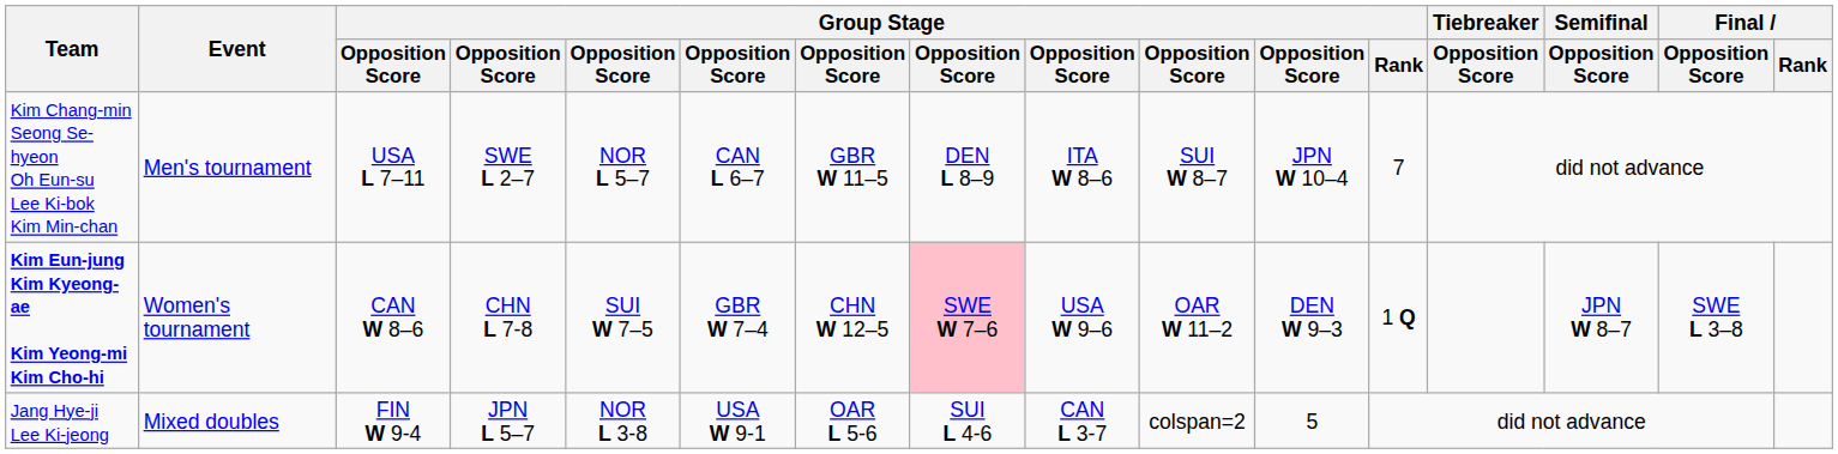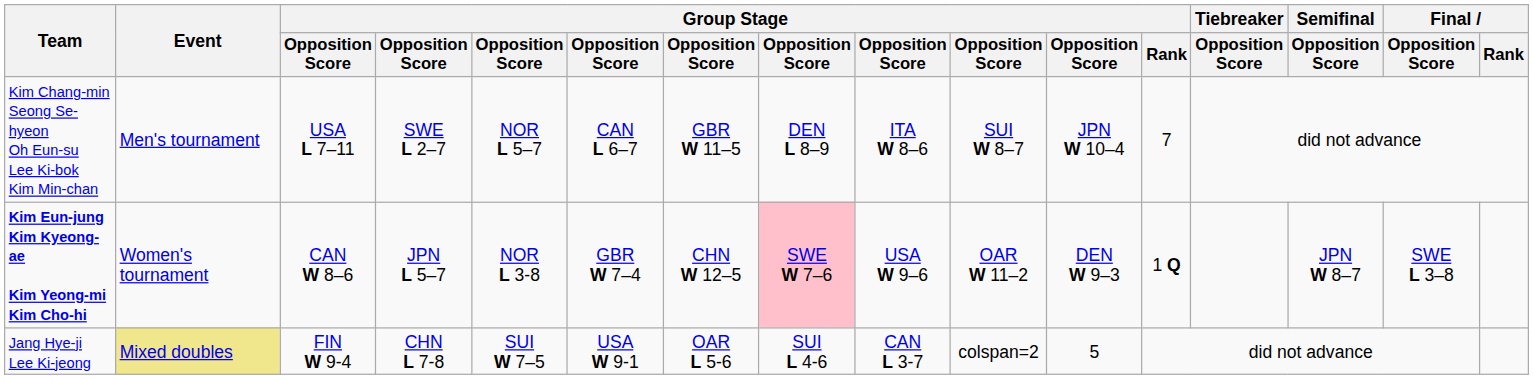 <table class="wikitable" style="font-size:90%">
 <tr>
 <th rowspan=2>Team</th>
 <th rowspan=2>Event</th>
 <th colspan=10>Group Stage</th>
 <th>Tiebreaker</th>
 <th>Semifinal</th>
 <th colspan=2>Final / </th>
 </tr>
 <tr style="font-size:95%">
 <th>Opposition<br>Score</th>
 <th>Opposition<br>Score</th>
 <th>Opposition<br>Score</th>
 <th>Opposition<br>Score</th>
 <th>Opposition<br>Score</th>
 <th>Opposition<br>Score</th>
 <th>Opposition<br>Score</th>
 <th>Opposition<br>Score</th>
 <th>Opposition<br>Score</th>
 <th>Rank</th>
 <th>Opposition<br>Score</th>
 <th>Opposition<br>Score</th>
 <th>Opposition<br>Score</th>
 <th>Rank</th>
 </tr>
 <tr align=center>
 <td align=left><small><a href='#'>Kim Chang-min</a><br><a href='#'>Seong Se-hyeon</a><br><a href='#'>Oh Eun-su</a><br><a href='#'>Lee Ki-bok</a><br><a href='#'>Kim Min-chan</a></small></td>
 <td align=left><a href='#'>Men's tournament</a></td>
 <td> <a href='#'>USA</a><br><strong>L</strong> 7–11</td>
 <td> <a href='#'>SWE</a><br><strong>L</strong> 2–7</td>
 <td> <a href='#'>NOR</a><br><strong>L</strong> 5–7</td>
 <td> <a href='#'>CAN</a><br> <strong>L</strong> 6–7</td>
 <td> <a href='#'>GBR</a><br> <strong>W</strong> 11–5</td>
 <td> <a href='#'>DEN</a><br> <strong>L</strong> 8–9</td>
 <td> <a href='#'>ITA</a><br><strong>W</strong> 8–6</td>
 <td> <a href='#'>SUI</a><br> <strong>W</strong> 8–7</td>
 <td> <a href='#'>JPN</a><br> <strong>W</strong> 10–4</td>
 <td>7</td>
 <td colspan=4>did not advance</td>
 </tr>
 <tr align=center>
 <td align=left><small><strong><a href='#'>Kim Eun-jung</a><br><a href='#'>Kim Kyeong-ae</a><br><br><a href='#'>Kim Yeong-mi</a><br><a href='#'>Kim Cho-hi</a></strong></small></td>
 <td align=left><a href='#'>Women's tournament</a></td>
 <td> <a href='#'>CAN</a><br><strong>W</strong> 8–6</td>
-<td> <a href='#'>CHN</a><br> <strong>L</strong> 7-8</td>
-<td> <a href='#'>SUI</a><br> <strong>W</strong> 7–5</td>
+<td> <a href='#'>JPN</a><br> <strong>L</strong> 5–7</td>
+<td> <a href='#'>NOR</a><br> <strong>L</strong> 3-8</td>
 <td> <a href='#'>GBR</a><br> <strong>W</strong> 7–4</td>
 <td> <a href='#'>CHN</a><br> <strong>W</strong> 12–5</td>
 <td style="background: pink;"> <a href='#'>SWE</a><br> <strong>W</strong> 7–6</td>
 <td> <a href='#'>USA</a><br> <strong>W</strong> 9–6</td>
 <td> <a href='#'>OAR</a><br> <strong>W</strong> 11–2</td>
 <td> <a href='#'>DEN</a><br> <strong>W</strong> 9–3</td>
 <td>1 <strong>Q</strong></td>
 <td></td>
 <td> <a href='#'>JPN</a><br><strong>W</strong> 8–7</td>
 <td> <a href='#'>SWE</a><br> <strong>L</strong> 3–8</td>
 <td></td>
 </tr>
 <tr align=center>
 <td align=left><small><a href='#'>Jang Hye-ji</a><br><a href='#'>Lee Ki-jeong</a></small></td>
-<td align=left><a href='#'>Mixed doubles</a></td>
+<td align=left style="background: khaki;"><a href='#'>Mixed doubles</a></td>
 <td> <a href='#'>FIN</a><br> <strong>W</strong> 9-4</td>
-<td> <a href='#'>JPN</a><br> <strong>L</strong> 5–7</td>
-<td> <a href='#'>NOR</a><br> <strong>L</strong> 3-8</td>
+<td> <a href='#'>CHN</a><br> <strong>L</strong> 7-8</td>
+<td> <a href='#'>SUI</a><br> <strong>W</strong> 7–5</td>
 <td> <a href='#'>USA</a><br> <strong>W</strong> 9-1</td>
 <td> <a href='#'>OAR</a><br> <strong>L</strong> 5-6</td>
 <td> <a href='#'>SUI</a><br> <strong>L</strong> 4-6</td>
 <td> <a href='#'>CAN</a><br> <strong>L</strong> 3-7</td>
 <td>colspan=2 </td>
 <td>5</td>
 <td colspan=4>did not advance</td>
 </tr>
 </table>
